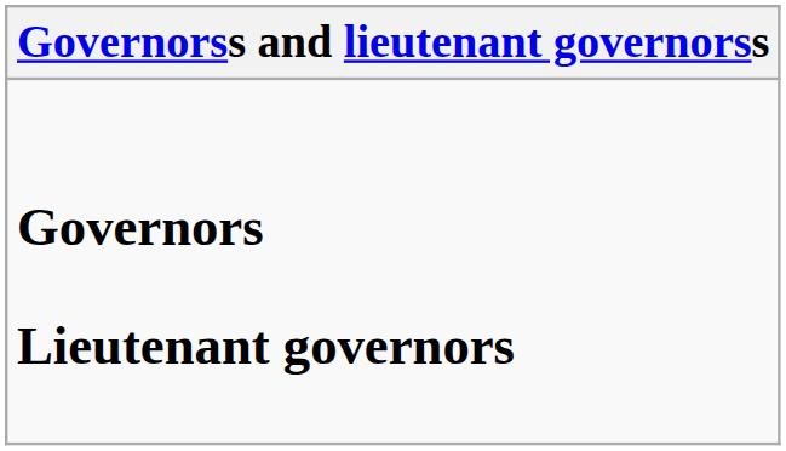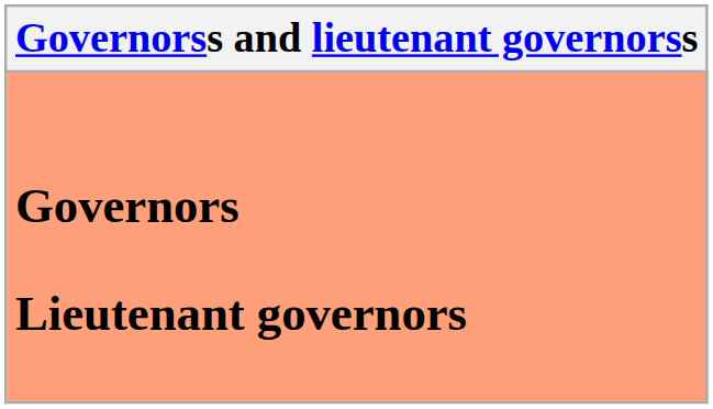 <table class="wikitable collapsible collapsed">
 <tr>
 <th><a href='#'>Governors</a>s and <a href='#'>lieutenant governors</a>s</th>
 </tr>
 <tr>
-<td><br><h3>Governors</h3><h3>Lieutenant governors</h3></td>
+<td style="background: lightsalmon;"><br><h3>Governors</h3><h3>Lieutenant governors</h3></td>
 </tr>
 </table>
